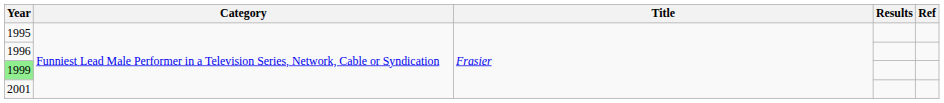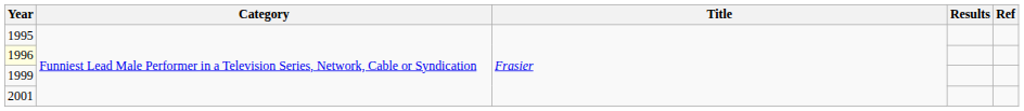 <table class="wikitable">
 <tr>
 <th scope="col" style="width:1em;">Year</th>
 <th scope="col" style="width:35em;">Category</th>
 <th scope="col" style="width:35em;">Title</th>
 <th scope="col" style="width:1em;">Results</th>
 <th scope="col" style="width:1em;">Ref</th>
 </tr>
 <tr>
 <td>1995</td>
 <td rowspan="4"><a href='#'>Funniest Lead Male Performer in a Television Series, Network, Cable or Syndication</a></td>
 <td rowspan="4"><em><a href='#'>Frasier</a></em></td>
 <td></td>
 <td></td>
 </tr>
 <tr>
-<td>1996</td>
+<td style="background: lightyellow;">1996</td>
 <td></td>
 <td></td>
 </tr>
 <tr>
-<td style="background: lightgreen;">1999</td>
+<td>1999</td>
 <td></td>
 <td></td>
 </tr>
 <tr>
 <td>2001</td>
 <td></td>
 <td></td>
 </tr>
 </table>
